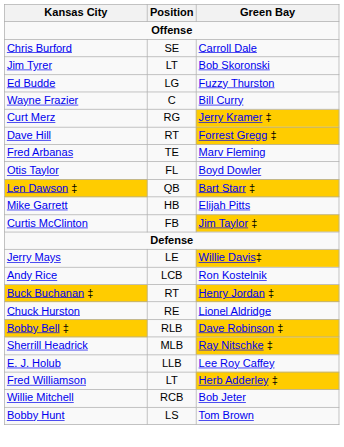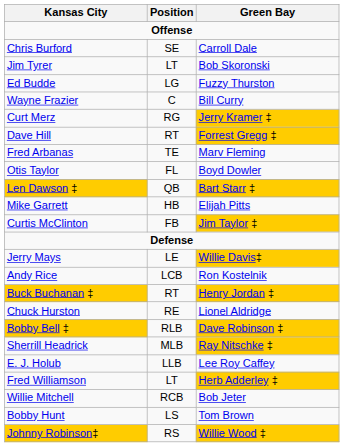 <table class="wikitable">
 <tr>
 <th style="width:200px">Kansas City</th>
 <th>Position</th>
 <th style="width:200px">Green Bay</th>
 </tr>
 <tr>
 <td colspan="3" style="text-align:center;"><strong>Offense</strong></td>
 </tr>
 <tr>
 <td><a href='#'>Chris Burford</a></td>
 <td style="text-align:center;">SE</td>
 <td><a href='#'>Carroll Dale</a></td>
 </tr>
 <tr>
 <td><a href='#'>Jim Tyrer</a></td>
 <td style="text-align:center;">LT</td>
 <td><a href='#'>Bob Skoronski</a></td>
 </tr>
 <tr>
 <td><a href='#'>Ed Budde</a></td>
 <td style="text-align:center;">LG</td>
 <td><a href='#'>Fuzzy Thurston</a></td>
 </tr>
 <tr>
 <td><a href='#'>Wayne Frazier</a></td>
 <td style="text-align:center;">C</td>
 <td><a href='#'>Bill Curry</a></td>
 </tr>
 <tr>
 <td><a href='#'>Curt Merz</a></td>
 <td style="text-align:center;">RG</td>
 <td style="background:#fc0;"><a href='#'>Jerry Kramer</a> ‡</td>
 </tr>
 <tr>
 <td><a href='#'>Dave Hill</a></td>
 <td style="text-align:center;">RT</td>
 <td style="background:#fc0;"><a href='#'>Forrest Gregg</a> ‡</td>
 </tr>
 <tr>
 <td><a href='#'>Fred Arbanas</a></td>
 <td style="text-align:center;">TE</td>
 <td><a href='#'>Marv Fleming</a></td>
 </tr>
 <tr>
 <td><a href='#'>Otis Taylor</a></td>
 <td style="text-align:center;">FL</td>
 <td><a href='#'>Boyd Dowler</a></td>
 </tr>
 <tr>
 <td style="background:#fc0;"><a href='#'>Len Dawson</a> ‡</td>
 <td style="text-align:center;">QB</td>
 <td style="background:#fc0;"><a href='#'>Bart Starr</a> ‡</td>
 </tr>
 <tr>
 <td><a href='#'>Mike Garrett</a></td>
 <td style="text-align:center;">HB</td>
 <td><a href='#'>Elijah Pitts</a></td>
 </tr>
 <tr>
 <td><a href='#'>Curtis McClinton</a></td>
 <td style="text-align:center;">FB</td>
 <td style="background:#fc0;"><a href='#'>Jim Taylor</a> ‡</td>
 </tr>
 <tr>
 <td colspan="3" style="text-align:center;"><strong>Defense</strong></td>
 </tr>
 <tr>
 <td><a href='#'>Jerry Mays</a></td>
 <td style="text-align:center;">LE</td>
 <td style="background:#fc0;"><a href='#'>Willie Davis</a>‡</td>
 </tr>
 <tr>
 <td><a href='#'>Andy Rice</a></td>
 <td style="text-align:center;">LCB</td>
 <td><a href='#'>Ron Kostelnik</a></td>
 </tr>
 <tr>
 <td style="background:#fc0;"><a href='#'>Buck Buchanan</a> ‡</td>
 <td style="text-align:center;">RT</td>
 <td style="background:#fc0;"><a href='#'>Henry Jordan</a> ‡</td>
 </tr>
 <tr>
 <td><a href='#'>Chuck Hurston</a></td>
 <td style="text-align:center;">RE</td>
 <td><a href='#'>Lionel Aldridge</a></td>
 </tr>
 <tr>
 <td style="background:#fc0;"><a href='#'>Bobby Bell</a> ‡</td>
 <td style="text-align:center;">RLB</td>
 <td style="background:#fc0;"><a href='#'>Dave Robinson</a> ‡</td>
 </tr>
 <tr>
 <td><a href='#'>Sherrill Headrick</a></td>
 <td style="text-align:center;">MLB</td>
 <td style="background:#fc0;"><a href='#'>Ray Nitschke</a> ‡</td>
 </tr>
 <tr>
 <td><a href='#'>E. J. Holub</a></td>
 <td style="text-align:center;">LLB</td>
 <td><a href='#'>Lee Roy Caffey</a></td>
 </tr>
 <tr>
 <td><a href='#'>Fred Williamson</a></td>
 <td style="text-align:center;">LT</td>
 <td style="background:#fc0;"><a href='#'>Herb Adderley</a> ‡</td>
 </tr>
 <tr>
 <td><a href='#'>Willie Mitchell</a></td>
 <td style="text-align:center;">RCB</td>
 <td><a href='#'>Bob Jeter</a></td>
 </tr>
 <tr>
 <td><a href='#'>Bobby Hunt</a></td>
 <td style="text-align:center;">LS</td>
 <td><a href='#'>Tom Brown</a></td>
 </tr>
+<tr>
+<td style="background:#fc0;"><a href='#'>Johnny Robinson</a>‡</td>
+<td style="text-align:center;">RS</td>
+<td style="background:#fc0;"><a href='#'>Willie Wood</a> ‡</td>
+</tr>
 </table>
